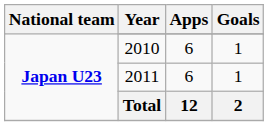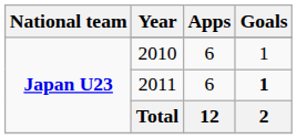 <table class="wikitable" style="font-size:90%; text-align: center">
 <tr>
 <th>National team</th>
 <th>Year</th>
 <th>Apps</th>
 <th>Goals</th>
 </tr>
 <tr>
 <td rowspan="4"><strong><a href='#'>Japan U23</a></strong></td>
 </tr>
 <tr>
 <td>2010</td>
 <td>6</td>
 <td>1</td>
 </tr>
 <tr>
 <td>2011</td>
 <td>6</td>
-<td>1</td>
+<td><strong>1</strong></td>
 </tr>
 <tr>
 <th colspan=1>Total</th>
 <th>12</th>
 <th>2</th>
 </tr>
 <tr>
 </tr>
 </table>
